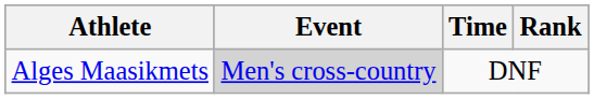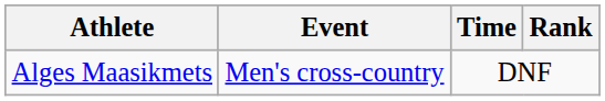 <table class=wikitable style="font-size:90%">
 <tr>
 <th>Athlete</th>
 <th>Event</th>
 <th>Time</th>
 <th>Rank</th>
 </tr>
 <tr align=center>
 <td align=left><a href='#'>Alges Maasikmets</a></td>
-<td align=left style="background: lightgrey;"><a href='#'>Men's cross-country</a></td>
+<td align=left><a href='#'>Men's cross-country</a></td>
 <td colspan=2>DNF</td>
 </tr>
 </table>
